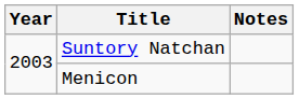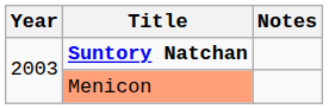 <table class="wikitable">
 <tr>
 <th>Year</th>
 <th>Title</th>
 <th>Notes</th>
 </tr>
 <tr>
 <td rowspan="2">2003</td>
-<td><a href='#'>Suntory</a> Natchan</td>
+<td><strong><a href='#'>Suntory</a> Natchan</strong></td>
 <td></td>
 </tr>
 <tr>
-<td>Menicon</td>
+<td style="background: lightsalmon;">Menicon</td>
 <td></td>
 </tr>
 </table>
